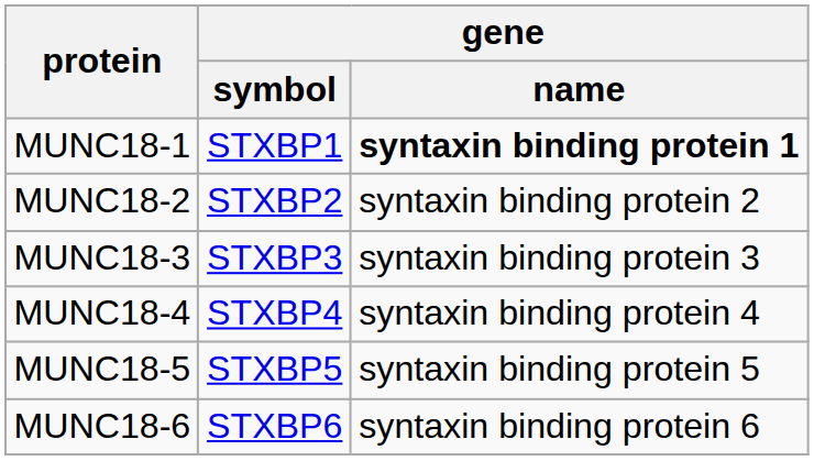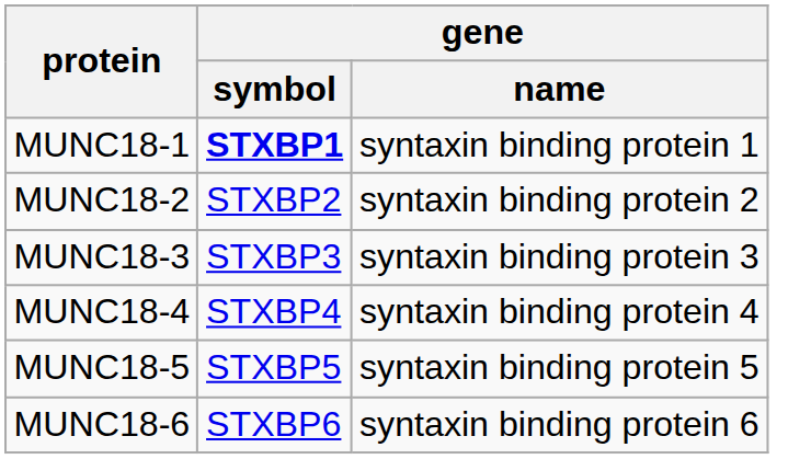 <table class="wikitable" border="1">
 <tr>
 <th rowspan = 2>protein</th>
 <th colspan = 2>gene</th>
 </tr>
 <tr>
 <th>symbol</th>
 <th>name</th>
 </tr>
 <tr>
 <td>MUNC18-1</td>
-<td><a href='#'>STXBP1</a></td>
-<td><strong>syntaxin binding protein 1</strong></td>
+<td><strong><a href='#'>STXBP1</a></strong></td>
+<td>syntaxin binding protein 1</td>
 </tr>
 <tr>
 <td>MUNC18-2</td>
 <td><a href='#'>STXBP2</a></td>
 <td>syntaxin binding protein 2</td>
 </tr>
 <tr>
 <td>MUNC18-3</td>
 <td><a href='#'>STXBP3</a></td>
 <td>syntaxin binding protein 3</td>
 </tr>
 <tr>
 <td>MUNC18-4</td>
 <td><a href='#'>STXBP4</a></td>
 <td>syntaxin binding protein 4</td>
 </tr>
 <tr>
 <td>MUNC18-5</td>
 <td><a href='#'>STXBP5</a></td>
 <td>syntaxin binding protein 5</td>
 </tr>
 <tr>
 <td>MUNC18-6</td>
 <td><a href='#'>STXBP6</a></td>
 <td>syntaxin binding protein 6</td>
 </tr>
 </table>
